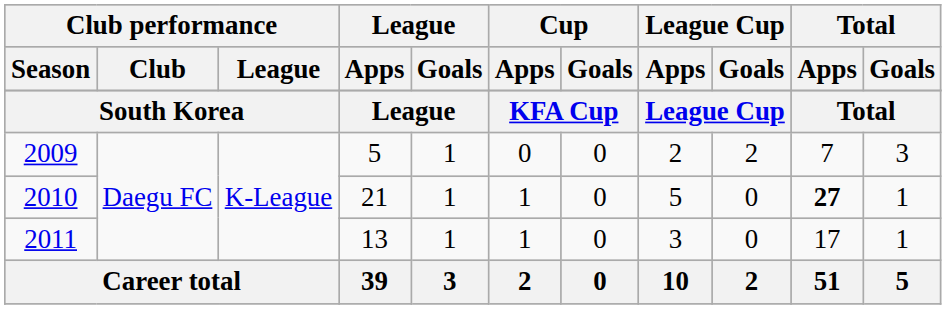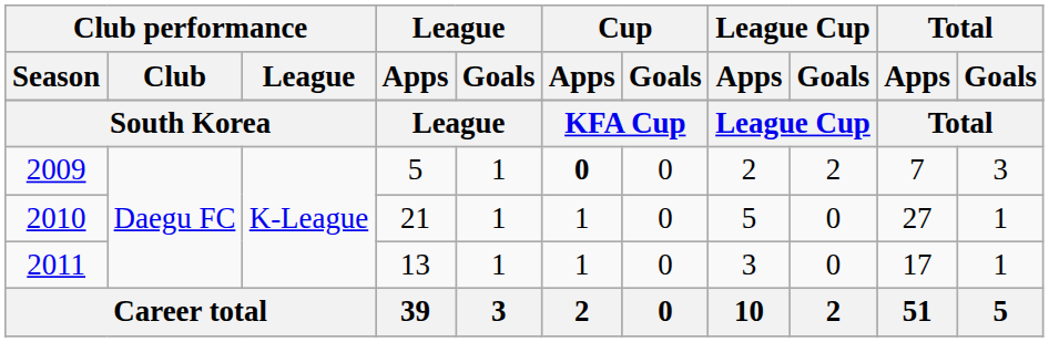 <table class="wikitable" style="text-align:center">
 <tr>
 <th colspan=3>Club performance</th>
 <th colspan=2>League</th>
 <th colspan=2>Cup</th>
 <th colspan=2>League Cup</th>
 <th colspan=2>Total</th>
 </tr>
 <tr>
 <th>Season</th>
 <th>Club</th>
 <th>League</th>
 <th>Apps</th>
 <th>Goals</th>
 <th>Apps</th>
 <th>Goals</th>
 <th>Apps</th>
 <th>Goals</th>
 <th>Apps</th>
 <th>Goals</th>
 </tr>
 <tr>
 </tr>
 <tr>
 <th colspan=3>South Korea</th>
 <th colspan=2>League</th>
 <th colspan=2><a href='#'>KFA Cup</a></th>
 <th colspan=2><a href='#'>League Cup</a></th>
 <th colspan=2>Total</th>
 </tr>
 <tr>
 <td><a href='#'>2009</a></td>
 <td rowspan="3"><a href='#'>Daegu FC</a></td>
 <td rowspan="3"><a href='#'>K-League</a></td>
 <td>5</td>
 <td>1</td>
-<td>0</td>
+<td><strong>0</strong></td>
 <td>0</td>
 <td>2</td>
 <td>2</td>
 <td>7</td>
 <td>3</td>
 </tr>
 <tr>
 <td><a href='#'>2010</a></td>
 <td>21</td>
 <td>1</td>
 <td>1</td>
 <td>0</td>
 <td>5</td>
 <td>0</td>
-<td><strong>27</strong></td>
+<td>27</td>
 <td>1</td>
 </tr>
 <tr>
 <td><a href='#'>2011</a></td>
 <td>13</td>
 <td>1</td>
 <td>1</td>
 <td>0</td>
 <td>3</td>
 <td>0</td>
 <td>17</td>
 <td>1</td>
 </tr>
 <tr>
 <th colspan=3>Career total</th>
 <th>39</th>
 <th>3</th>
 <th>2</th>
 <th>0</th>
 <th>10</th>
 <th>2</th>
 <th>51</th>
 <th>5</th>
 </tr>
 </table>
